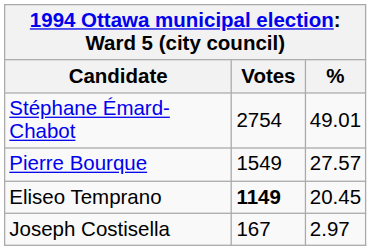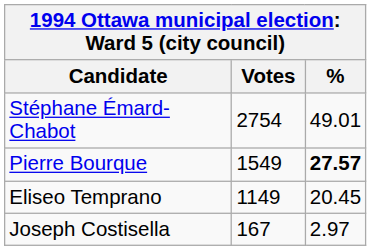 <table class="wikitable">
 <tr>
 <th colspan="3"><a href='#'>1994 Ottawa municipal election</a>: Ward 5 (city council)</th>
 </tr>
 <tr>
 <th style="width: 170px">Candidate</th>
 <th style="width: 50px">Votes</th>
 <th style="width: 40px">%</th>
 </tr>
 <tr>
 <td><a href='#'>Stéphane Émard-Chabot</a></td>
 <td>2754</td>
 <td>49.01</td>
 </tr>
 <tr>
 <td><a href='#'>Pierre Bourque</a></td>
 <td>1549</td>
-<td>27.57</td>
+<td><strong>27.57</strong></td>
 </tr>
 <tr>
 <td>Eliseo Temprano</td>
-<td><strong>1149</strong></td>
+<td>1149</td>
 <td>20.45</td>
 </tr>
 <tr>
 <td>Joseph Costisella</td>
 <td>167</td>
 <td>2.97</td>
 </tr>
 </table>
